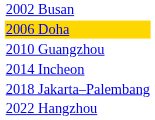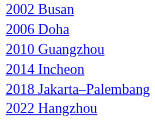 <table>
 <tr>
 <td><a href='#'>2002 Busan</a></td>
 <td></td>
 <td></td>
 <td></td>
 </tr>
 <tr>
-<td style="background: gold;"><a href='#'>2006 Doha</a></td>
+<td><a href='#'>2006 Doha</a></td>
 <td></td>
 <td></td>
 <td></td>
 </tr>
 <tr>
 <td rowspan=2><a href='#'>2010 Guangzhou</a></td>
 <td rowspan=2></td>
 <td rowspan=2></td>
 <td></td>
 </tr>
 <tr>
 <td></td>
 </tr>
 <tr>
 <td rowspan=2><a href='#'>2014 Incheon</a></td>
 <td rowspan=2></td>
 <td rowspan=2></td>
 <td></td>
 </tr>
 <tr>
 <td></td>
 </tr>
 <tr>
 <td rowspan=2><a href='#'>2018 Jakarta–Palembang</a></td>
 <td rowspan=2></td>
 <td rowspan=2></td>
 <td></td>
 </tr>
 <tr>
 <td></td>
 </tr>
 <tr>
 <td rowspan=2><a href='#'>2022 Hangzhou</a></td>
 <td rowspan=2></td>
 <td rowspan=2></td>
 <td></td>
 </tr>
 <tr>
 <td></td>
 </tr>
 </table>
